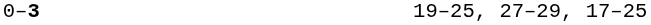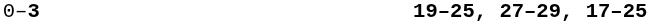 <table>
 <tr>
 <th width=200></th>
 <th width=80></th>
 <th width=200></th>
 <th width=220></th>
 </tr>
 <tr>
 <td align=right></td>
 <td align=center>0–<strong>3</strong></td>
 <td><strong></strong></td>
-<td>19–25, 27–29, 17–25</td>
+<td><strong>19–25, 27–29, 17–25</strong></td>
 </tr>
 </table>
